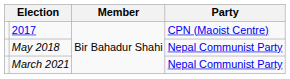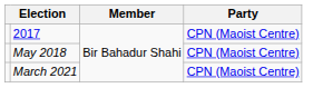 <table class="wikitable">
 <tr>
 <th colspan="2">Election</th>
 <th>Member</th>
 <th>Party</th>
 </tr>
 <tr>
 <td style="color:inherit;background:"></td>
 <td><a href='#'>2017</a></td>
 <td rowspan="3">Bir Bahadur Shahi</td>
 <td><a href='#'>CPN (Maoist Centre)</a></td>
 </tr>
 <tr>
 <td style="color:inherit;background:"></td>
 <td><em>May 2018</em></td>
-<td><a href='#'>Nepal Communist Party</a></td>
+<td><a href='#'>CPN (Maoist Centre)</a></td>
 </tr>
 <tr>
 <td style="color:inherit;background:"></td>
 <td><em>March 2021</em></td>
-<td><a href='#'>Nepal Communist Party</a></td>
+<td><a href='#'>CPN (Maoist Centre)</a></td>
 </tr>
 </table>
